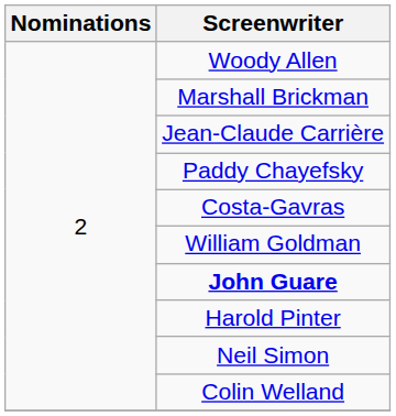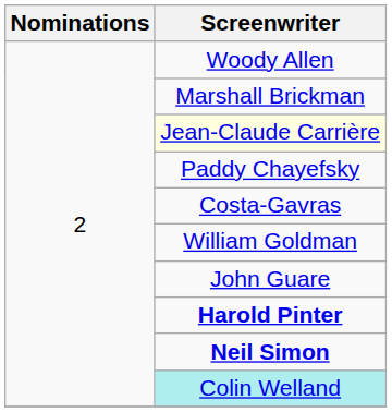 <table class="wikitable" style="text-align: center;">
 <tr>
 <th scope="col" width="55">Nominations</th>
 <th scope="col" align="center">Screenwriter</th>
 </tr>
 <tr>
 <td rowspan="10" style="text-align:center;">2</td>
 <td><a href='#'>Woody Allen</a></td>
 </tr>
 <tr>
 <td><a href='#'>Marshall Brickman</a></td>
 </tr>
 <tr>
-<td><a href='#'>Jean-Claude Carrière</a></td>
+<td style="background: lightyellow;"><a href='#'>Jean-Claude Carrière</a></td>
 </tr>
 <tr>
 <td><a href='#'>Paddy Chayefsky</a></td>
 </tr>
 <tr>
 <td><a href='#'>Costa-Gavras</a></td>
 </tr>
 <tr>
 <td><a href='#'>William Goldman</a></td>
 </tr>
 <tr>
-<td><strong><a href='#'>John Guare</a></strong></td>
+<td><a href='#'>John Guare</a></td>
 </tr>
 <tr>
-<td><a href='#'>Harold Pinter</a></td>
+<td><strong><a href='#'>Harold Pinter</a></strong></td>
 </tr>
 <tr>
-<td><a href='#'>Neil Simon</a></td>
+<td><strong><a href='#'>Neil Simon</a></strong></td>
 </tr>
 <tr>
-<td><a href='#'>Colin Welland</a></td>
+<td style="background: paleturquoise;"><a href='#'>Colin Welland</a></td>
 </tr>
 <tr>
 </tr>
 </table>
